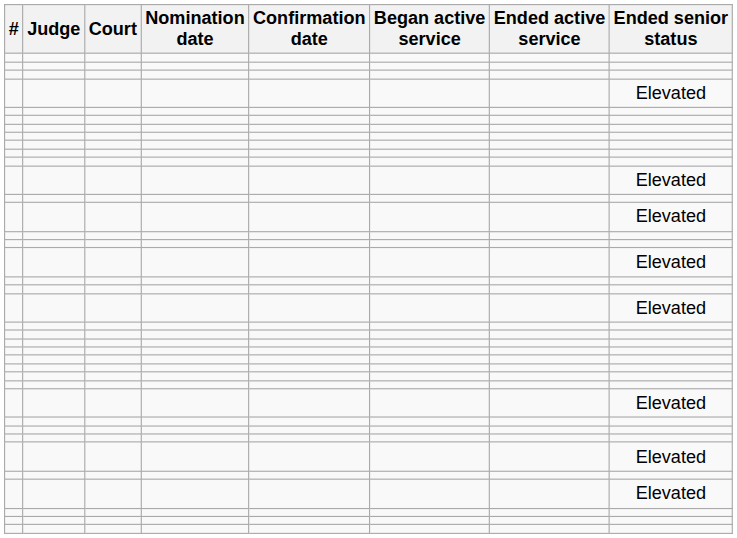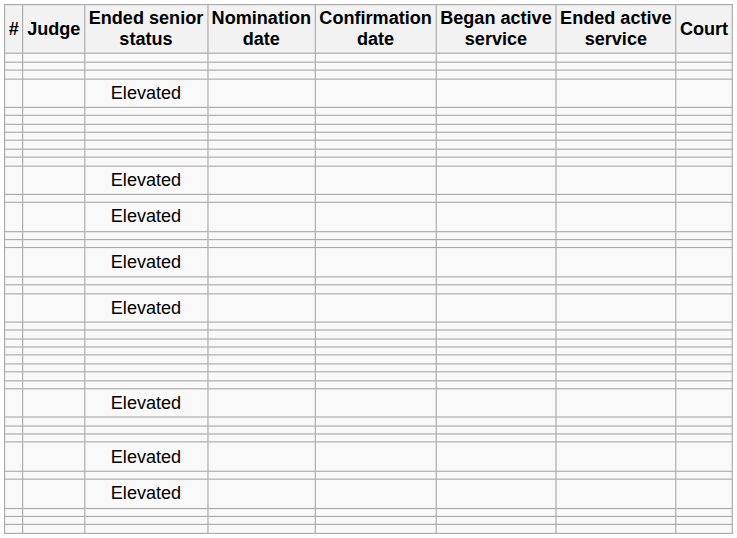 <table class="sortable wikitable">
 <tr bgcolor="#ececec">
 <th>#</th>
 <th>Judge</th>
-<th>Court<br></th>
+<th>Ended senior<br>status</th>
 <th>Nomination<br>date</th>
 <th>Confirmation<br>date</th>
 <th>Began active<br>service</th>
 <th>Ended active<br>service</th>
-<th>Ended senior<br>status</th>
+<th>Court<br></th>
 </tr>
 <tr>
 <td></td>
 <td></td>
-<td></td>
+<td align="center"></td>
 <td align="center"></td>
 <td align="center"></td>
 <td></td>
 <td></td>
-<td align="center"></td>
+<td></td>
 </tr>
 <tr>
 <td></td>
 <td></td>
+<td align="center"></td>
+<td></td>
+<td align="center"></td>
+<td></td>
+<td></td>
+<td></td>
+</tr>
+<tr>
 <td></td>
 <td></td>
 <td align="center"></td>
 <td></td>
 <td></td>
-<td align="center"></td>
+<td></td>
+<td></td>
+<td></td>
 </tr>
 <tr>
+<td></td>
+<td></td>
+<td align="center">Elevated</td>
 <td></td>
 <td></td>
 <td></td>
 <td></td>
 <td></td>
+</tr>
+<tr>
 <td></td>
 <td></td>
 <td align="center"></td>
-</tr>
-<tr>
 <td></td>
 <td></td>
 <td></td>
 <td></td>
 <td></td>
+</tr>
+<tr>
 <td></td>
 <td></td>
-<td align="center">Elevated</td>
-</tr>
-<tr>
+<td align="center"></td>
 <td></td>
 <td></td>
 <td></td>
 <td></td>
 <td></td>
+</tr>
+<tr>
 <td></td>
 <td></td>
 <td align="center"></td>
-</tr>
-<tr>
 <td></td>
 <td></td>
 <td></td>
 <td></td>
 <td></td>
-<td></td>
-<td></td>
-<td align="center"></td>
-</tr>
-<tr>
-<td></td>
-<td></td>
-<td></td>
-<td></td>
-<td></td>
-<td></td>
-<td></td>
-<td align="center"></td>
 </tr>
 <tr>
 <td></td>
 <td></td>
 <td></td>
 <td></td>
 <td></td>
 <td></td>
 <td></td>
 <td></td>
 </tr>
 <tr>
 <td></td>
 <td></td>
+<td align="center"></td>
 <td></td>
 <td></td>
 <td></td>
 <td></td>
 <td></td>
-<td align="center"></td>
 </tr>
 <tr>
+<td></td>
+<td></td>
+<td align="center"></td>
 <td></td>
 <td></td>
 <td></td>
 <td></td>
 <td></td>
+</tr>
+<tr>
 <td></td>
 <td></td>
 <td align="center"></td>
-</tr>
-<tr>
 <td></td>
 <td></td>
 <td></td>
 <td></td>
 <td></td>
+</tr>
+<tr>
 <td></td>
 <td></td>
-<td align="center"></td>
-</tr>
-<tr>
+<td align="center">Elevated</td>
 <td></td>
 <td></td>
 <td></td>
 <td></td>
 <td></td>
+</tr>
+<tr>
 <td></td>
 <td></td>
-<td align="center">Elevated</td>
-</tr>
-<tr>
+<td align="center"></td>
 <td></td>
 <td></td>
 <td></td>
 <td></td>
 <td></td>
+</tr>
+<tr>
 <td></td>
 <td></td>
-<td align="center"></td>
-</tr>
-<tr>
+<td align="center">Elevated</td>
 <td></td>
 <td></td>
 <td></td>
 <td></td>
 <td></td>
+</tr>
+<tr>
 <td></td>
 <td></td>
-<td align="center">Elevated</td>
-</tr>
-<tr>
+<td align="center"></td>
 <td></td>
 <td></td>
 <td></td>
 <td></td>
 <td></td>
+</tr>
+<tr>
 <td></td>
 <td></td>
 <td align="center"></td>
-</tr>
-<tr>
 <td></td>
 <td></td>
 <td></td>
 <td></td>
 <td></td>
+</tr>
+<tr>
 <td></td>
 <td></td>
-<td align="center"></td>
-</tr>
-<tr>
+<td align="center">Elevated</td>
 <td></td>
 <td></td>
 <td></td>
 <td></td>
 <td></td>
-<td></td>
-<td></td>
-<td align="center">Elevated</td>
 </tr>
 <tr>
 <td></td>
 <td></td>
 <td></td>
 <td></td>
 <td></td>
 <td></td>
 <td></td>
 <td></td>
 </tr>
 <tr>
 <td></td>
 <td></td>
+<td align="center"></td>
 <td></td>
 <td></td>
 <td></td>
 <td></td>
 <td></td>
-<td align="center"></td>
 </tr>
 <tr>
+<td></td>
+<td></td>
+<td align="center">Elevated</td>
 <td></td>
 <td></td>
 <td></td>
 <td></td>
 <td></td>
+</tr>
+<tr>
 <td></td>
 <td></td>
-<td align="center">Elevated</td>
-</tr>
-<tr>
+<td align="center"></td>
 <td></td>
 <td></td>
 <td></td>
 <td></td>
 <td></td>
+</tr>
+<tr>
 <td></td>
 <td></td>
 <td align="center"></td>
-</tr>
-<tr>
 <td></td>
 <td></td>
 <td></td>
 <td></td>
 <td></td>
+</tr>
+<tr>
 <td></td>
 <td></td>
 <td align="center"></td>
-</tr>
-<tr>
 <td></td>
 <td></td>
 <td></td>
 <td></td>
 <td></td>
+</tr>
+<tr>
 <td></td>
 <td></td>
 <td align="center"></td>
-</tr>
-<tr>
 <td></td>
 <td></td>
 <td></td>
 <td></td>
 <td></td>
+</tr>
+<tr>
 <td></td>
 <td></td>
 <td align="center"></td>
-</tr>
-<tr>
 <td></td>
 <td></td>
 <td></td>
 <td></td>
 <td></td>
-<td></td>
-<td></td>
-<td align="center"></td>
 </tr>
 <tr>
 <td></td>
 <td></td>
 <td></td>
 <td></td>
 <td></td>
 <td></td>
 <td></td>
 <td></td>
 </tr>
 <tr>
 <td></td>
 <td></td>
+<td align="center"></td>
 <td></td>
 <td></td>
 <td></td>
 <td></td>
 <td></td>
-<td align="center"></td>
 </tr>
 <tr>
+<td></td>
+<td></td>
+<td align="center"></td>
 <td></td>
 <td></td>
 <td></td>
 <td></td>
 <td></td>
+</tr>
+<tr>
 <td></td>
 <td></td>
-<td align="center"></td>
-</tr>
-<tr>
+<td align="center">Elevated</td>
 <td></td>
 <td></td>
 <td></td>
 <td></td>
 <td></td>
-<td></td>
-<td></td>
-<td align="center">Elevated</td>
 </tr>
 <tr>
 <td></td>
 <td></td>
 <td></td>
 <td></td>
 <td></td>
 <td></td>
 <td></td>
 <td></td>
 </tr>
 <tr>
 <td></td>
 <td></td>
+<td align="center"></td>
 <td></td>
 <td></td>
 <td></td>
 <td></td>
 <td></td>
-<td align="center"></td>
 </tr>
 <tr>
 <td></td>
 <td></td>
 <td></td>
 <td></td>
 <td></td>
 <td></td>
 <td></td>
 <td></td>
 </tr>
 <tr>
 <td></td>
 <td></td>
+<td align="center">Elevated</td>
 <td></td>
 <td></td>
 <td></td>
 <td></td>
 <td></td>
-<td align="center">Elevated</td>
 </tr>
 <tr>
+<td></td>
+<td></td>
+<td align="center"></td>
 <td></td>
 <td></td>
 <td></td>
 <td></td>
 <td></td>
+</tr>
+<tr>
 <td></td>
 <td></td>
-<td align="center"></td>
-</tr>
-<tr>
+<td align="center">Elevated</td>
 <td></td>
 <td></td>
 <td></td>
 <td></td>
 <td></td>
-<td></td>
-<td></td>
-<td align="center">Elevated</td>
 </tr>
 <tr>
 <td></td>
 <td></td>
+<td align="center"></td>
+<td></td>
+<td align="center"></td>
+<td></td>
+<td></td>
+<td></td>
+</tr>
+<tr>
 <td></td>
 <td></td>
 <td align="center"></td>
 <td></td>
+<td align="center"></td>
 <td></td>
-<td align="center"></td>
+<td></td>
+<td></td>
 </tr>
 <tr>
 <td></td>
 <td></td>
-<td></td>
+<td align="center"></td>
 <td></td>
 <td align="center"></td>
 <td></td>
 <td></td>
-<td align="center"></td>
-</tr>
-<tr>
 <td></td>
-<td></td>
-<td></td>
-<td></td>
-<td align="center"></td>
-<td></td>
-<td></td>
-<td align="center"></td>
 </tr>
 </table>
